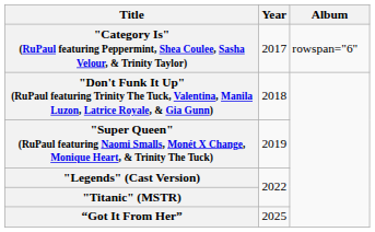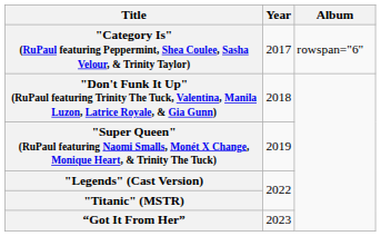 <table class="wikitable plainrowheaders" style="text-align:left;">
 <tr>
 <th scope="col"  style="width:20em;">Title</th>
 <th scope="col"  style="width:2em;">Year</th>
 <th scope="col"  style="width:6em;">Album</th>
 </tr>
 <tr>
 <th scope="row">"Category Is" <br><small>(<a href='#'>RuPaul</a> featuring Peppermint, <a href='#'>Shea Coulee</a>, <a href='#'>Sasha Velour</a>, & Trinity Taylor)</small></th>
 <td rowspan="1">2017</td>
 <td>rowspan="6"</td>
 </tr>
 <tr>
 <th scope="row">"Don't Funk It Up" <br><small>(RuPaul featuring Trinity The Tuck, <a href='#'>Valentina</a>, <a href='#'>Manila Luzon</a>, <a href='#'>Latrice Royale</a>, & <a href='#'>Gia Gunn</a>)</small></th>
 <td rowspan="1">2018</td>
 </tr>
 <tr>
 <th scope="row">"Super Queen" <br><small>(RuPaul featuring <a href='#'>Naomi Smalls</a>, <a href='#'>Monét X Change</a>, <a href='#'>Monique Heart</a>, & Trinity The Tuck)</small></th>
 <td rowspan="1">2019</td>
 </tr>
 <tr>
 <th scope="row">"Legends" (Cast Version)<br></th>
 <td rowspan="2">2022</td>
 </tr>
 <tr>
 <th scope="row">"Titanic" (MSTR)<br></th>
 </tr>
 <tr>
 <th scope="row">“Got It From Her” <br></th>
-<td>2025</td>
+<td>2023</td>
 </tr>
 </table>
